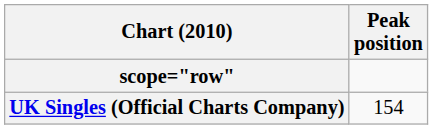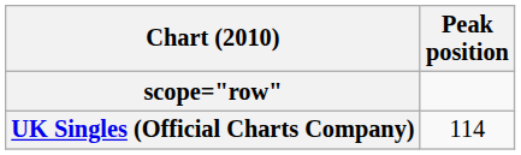 <table class="wikitable sortable plainrowheaders">
 <tr>
 <th scope="col">Chart (2010)</th>
 <th scope="col">Peak<br>position</th>
 </tr>
 <tr>
 <th>scope="row"</th>
 </tr>
 <tr>
 <th scope="row"><a href='#'>UK Singles</a> (Official Charts Company)</th>
-<td align="center">154</td>
+<td align="center">114</td>
 </tr>
 </table>
